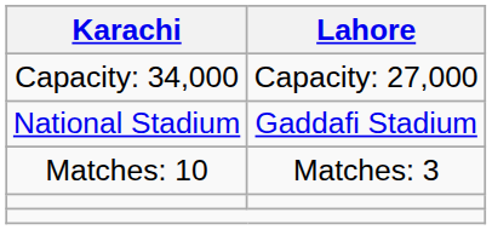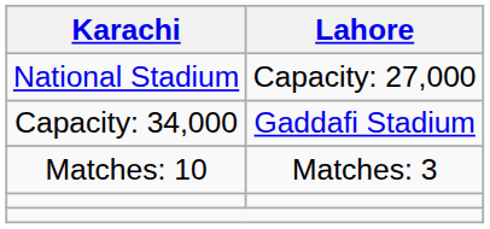 <table class="wikitable" style="margin:0.2em auto;text-align:center; font-size:90%">
 <tr>
 <th><a href='#'>Karachi</a></th>
 <th><a href='#'>Lahore</a></th>
 </tr>
 <tr>
-<td>Capacity: 34,000</td>
+<td><a href='#'>National Stadium</a></td>
 <td>Capacity: 27,000</td>
 </tr>
 <tr>
-<td><a href='#'>National Stadium</a></td>
+<td>Capacity: 34,000</td>
 <td><a href='#'>Gaddafi Stadium</a></td>
 </tr>
 <tr>
 <td>Matches: 10</td>
 <td>Matches: 3</td>
 </tr>
 <tr>
 <td></td>
 <td></td>
 </tr>
 <tr>
 <td colspan="2"></td>
 </tr>
 </table>
